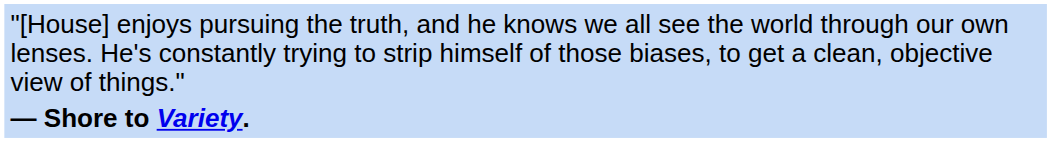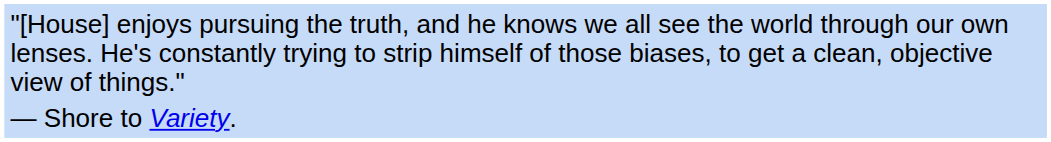 <table class="toccolours" style="float: left; margin-left: 1em; margin-right: 2em; font-size: 90%; background:#c6dbf7; color:black; width:40em; max-width: 40%;">
 <tr>
 <td style="text-align: left;">"[House] enjoys pursuing the truth, and he knows we all see the world through our own lenses. He's constantly trying to strip himself of those biases, to get a clean, objective view of things."</td>
 </tr>
 <tr>
-<td style="text-align: left;"><strong>— Shore to <em><a href='#'>Variety</a></em>.</strong></td>
+<td style="text-align: left;">— Shore to <em><a href='#'>Variety</a></em>.</td>
 </tr>
 </table>
